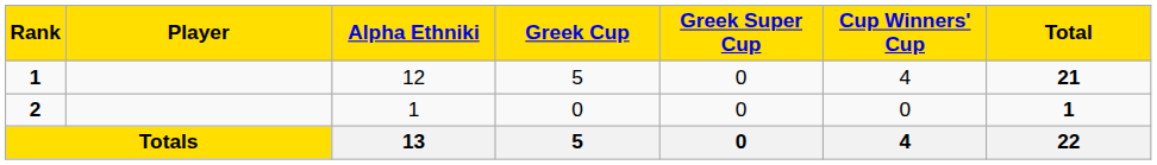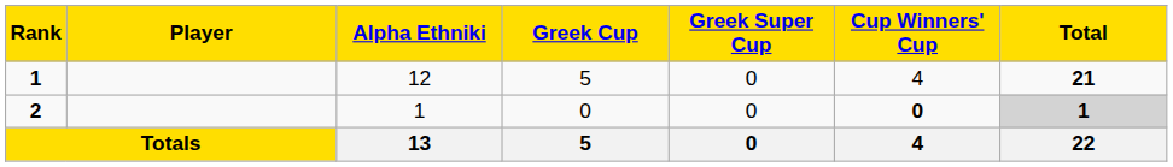 <table class="wikitable sortable" style="text-align:center">
 <tr>
 <th style="background:#FFDE00">Rank</th>
 <th width=200 style="background:#FFDE00">Player</th>
 <th width=120 style="background:#FFDE00"><a href='#'>Alpha Ethniki</a></th>
 <th width=120 style="background:#FFDE00"><a href='#'>Greek Cup</a></th>
 <th width=120 style="background:#FFDE00"><a href='#'>Greek Super Cup</a></th>
 <th width=120 style="background:#FFDE00"><a href='#'>Cup Winners' Cup</a></th>
 <th width=120 style="background:#FFDE00">Total</th>
 </tr>
 <tr>
 <td><strong>1</strong></td>
 <td align=left></td>
 <td>12</td>
 <td>5</td>
 <td>0</td>
 <td>4</td>
 <td><strong>21</strong></td>
 </tr>
 <tr>
 <td><strong>2</strong></td>
 <td align=left></td>
 <td>1</td>
 <td>0</td>
 <td>0</td>
-<td>0</td>
-<td><strong>1</strong></td>
+<td><strong>0</strong></td>
+<td style="background: lightgrey;"><strong>1</strong></td>
 </tr>
 <tr class="sortbottom">
 <th colspan=2 style="background:#FFDE00"><strong>Totals</strong></th>
 <th><strong>13</strong></th>
 <th><strong> 5</strong></th>
 <th><strong> 0</strong></th>
 <th><strong> 4</strong></th>
 <th><strong>22</strong></th>
 </tr>
 </table>
